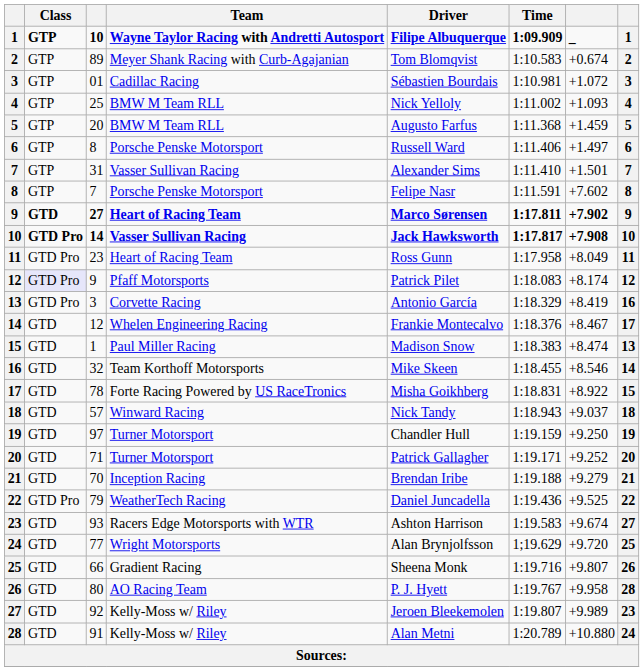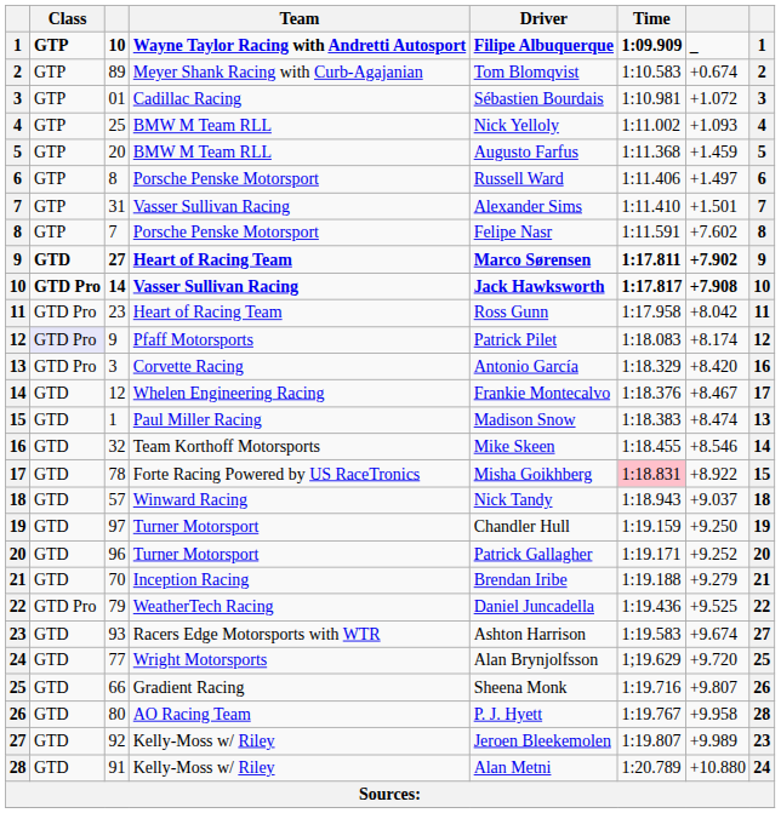 <table class="wikitable">
 <tr>
 <th scope="col"></th>
 <th scope="col">Class</th>
 <th scope="col"></th>
 <th scope="col">Team</th>
 <th scope="col">Driver</th>
 <th scope="col">Time</th>
 <th scope="col"></th>
 <th scope="col"></th>
 </tr>
 <tr>
 <th scope="row">1</th>
 <td><strong>GTP</strong></td>
 <td><strong>10</strong></td>
 <td><strong> <a href='#'>Wayne Taylor Racing</a> with <a href='#'>Andretti Autosport</a></strong></td>
 <td><strong> <a href='#'>Filipe Albuquerque</a></strong></td>
 <td><strong>1:09.909</strong></td>
 <td><strong>_</strong></td>
 <th><strong>1</strong></th>
 </tr>
 <tr>
 <th scope="row">2</th>
 <td>GTP</td>
 <td>89</td>
 <td> <a href='#'>Meyer Shank Racing</a> with <a href='#'>Curb-Agajanian</a></td>
 <td> <a href='#'>Tom Blomqvist</a></td>
 <td>1:10.583</td>
 <td>+0.674</td>
 <th>2</th>
 </tr>
 <tr>
 <th scope="row">3</th>
 <td>GTP</td>
 <td>01</td>
 <td> <a href='#'>Cadillac Racing</a></td>
 <td> <a href='#'>Sébastien Bourdais</a></td>
 <td>1:10.981</td>
 <td>+1.072</td>
 <th>3</th>
 </tr>
 <tr>
 <th scope="row">4</th>
 <td>GTP</td>
 <td>25</td>
 <td> <a href='#'>BMW M Team RLL</a></td>
 <td> <a href='#'>Nick Yelloly</a></td>
 <td>1:11.002</td>
 <td>+1.093</td>
 <th>4</th>
 </tr>
 <tr>
 <th scope="row">5</th>
 <td>GTP</td>
 <td>20</td>
 <td> <a href='#'>BMW M Team RLL</a></td>
 <td> <a href='#'>Augusto Farfus</a></td>
 <td>1:11.368</td>
 <td>+1.459</td>
 <th>5</th>
 </tr>
 <tr>
 <th scope="row">6</th>
 <td>GTP</td>
 <td>8</td>
 <td> <a href='#'>Porsche Penske Motorsport</a></td>
 <td> <a href='#'>Russell Ward</a></td>
 <td>1:11.406</td>
 <td>+1.497</td>
 <th>6</th>
 </tr>
 <tr>
 <th scope="row">7</th>
 <td>GTP</td>
 <td>31</td>
 <td> <a href='#'>Vasser Sullivan Racing</a></td>
 <td> <a href='#'>Alexander Sims</a></td>
 <td>1:11.410</td>
 <td>+1.501</td>
 <th><strong>7</strong></th>
 </tr>
 <tr>
 <th scope="row">8</th>
 <td>GTP</td>
 <td>7</td>
 <td> <a href='#'>Porsche Penske Motorsport</a></td>
 <td> <a href='#'>Felipe Nasr</a></td>
 <td>1:11.591</td>
 <td>+7.602</td>
 <th>8</th>
 </tr>
 <tr>
 <th scope="row">9</th>
 <td><strong>GTD</strong></td>
 <td><strong>27</strong></td>
 <td><strong> <a href='#'>Heart of Racing Team</a></strong></td>
 <td><strong> <a href='#'>Marco Sørensen</a></strong></td>
 <td><strong>1:17.811</strong></td>
 <td><strong>+7.902</strong></td>
 <th>9</th>
 </tr>
 <tr>
 <th scope="row">10</th>
 <td><strong>GTD Pro</strong></td>
 <td><strong>14</strong></td>
 <td> <strong><a href='#'>Vasser Sullivan Racing</a></strong></td>
 <td><strong> <a href='#'>Jack Hawksworth</a></strong></td>
 <td><strong>1:17.817</strong></td>
 <td><strong>+7.908</strong></td>
 <th><strong>10</strong></th>
 </tr>
 <tr>
 <th scope="row">11</th>
 <td>GTD Pro</td>
 <td>23</td>
 <td> <a href='#'>Heart of Racing Team</a></td>
 <td> <a href='#'>Ross Gunn</a></td>
 <td>1:17.958</td>
-<td>+8.049</td>
+<td>+8.042</td>
 <th>11</th>
 </tr>
 <tr>
 <th scope="row">12</th>
 <td style="background: lavender;">GTD Pro</td>
 <td>9</td>
 <td> <a href='#'>Pfaff Motorsports</a></td>
 <td> <a href='#'>Patrick Pilet</a></td>
 <td>1:18.083</td>
 <td>+8.174</td>
 <th>12</th>
 </tr>
 <tr>
 <th scope="row">13</th>
 <td>GTD Pro</td>
 <td>3</td>
 <td> <a href='#'>Corvette Racing</a></td>
 <td> <a href='#'>Antonio García</a></td>
 <td>1:18.329</td>
-<td>+8.419</td>
+<td>+8.420</td>
 <th><strong>16</strong></th>
 </tr>
 <tr>
 <th scope="row">14</th>
 <td>GTD</td>
 <td>12</td>
 <td> <a href='#'>Whelen Engineering Racing</a></td>
 <td> <a href='#'>Frankie Montecalvo</a></td>
 <td>1:18.376</td>
 <td>+8.467</td>
 <th>17</th>
 </tr>
 <tr>
 <th scope="row">15</th>
 <td>GTD</td>
 <td>1</td>
 <td> <a href='#'>Paul Miller Racing</a></td>
 <td> <a href='#'>Madison Snow</a></td>
 <td>1:18.383</td>
 <td>+8.474</td>
 <th>13</th>
 </tr>
 <tr>
 <th scope="row">16</th>
 <td>GTD</td>
 <td>32</td>
 <td> Team Korthoff Motorsports</td>
 <td> <a href='#'>Mike Skeen</a></td>
 <td>1:18.455</td>
 <td>+8.546</td>
 <th>14</th>
 </tr>
 <tr>
 <th scope="row">17</th>
 <td>GTD</td>
 <td>78</td>
 <td> Forte Racing Powered by <a href='#'>US RaceTronics</a></td>
 <td> <a href='#'>Misha Goikhberg</a></td>
-<td>1:18.831</td>
+<td style="background: pink;">1:18.831</td>
 <td>+8.922</td>
 <th>15</th>
 </tr>
 <tr>
 <th scope="row">18</th>
 <td>GTD</td>
 <td>57</td>
 <td> <a href='#'>Winward Racing</a></td>
 <td> <a href='#'>Nick Tandy</a></td>
 <td>1:18.943</td>
 <td>+9.037</td>
 <th>18</th>
 </tr>
 <tr>
 <th scope="row">19</th>
 <td>GTD</td>
 <td>97</td>
 <td> <a href='#'>Turner Motorsport</a></td>
 <td> Chandler Hull</td>
 <td>1:19.159</td>
 <td>+9.250</td>
 <th><strong>19</strong></th>
 </tr>
 <tr>
 <th scope="row">20</th>
 <td>GTD</td>
-<td>71</td>
+<td>96</td>
 <td> <a href='#'>Turner Motorsport</a></td>
 <td> <a href='#'>Patrick Gallagher</a></td>
 <td>1:19.171</td>
 <td>+9.252</td>
 <th>20</th>
 </tr>
 <tr>
 <th scope="row">21</th>
 <td>GTD</td>
 <td>70</td>
 <td> <a href='#'>Inception Racing</a></td>
 <td> <a href='#'>Brendan Iribe</a></td>
 <td>1:19.188</td>
 <td>+9.279</td>
 <th>21</th>
 </tr>
 <tr>
 <th scope="row">22</th>
 <td>GTD Pro</td>
 <td>79</td>
 <td> <a href='#'>WeatherTech Racing</a></td>
 <td> <a href='#'>Daniel Juncadella</a></td>
 <td>1:19.436</td>
 <td>+9.525</td>
 <th>22</th>
 </tr>
 <tr>
 <th scope="row">23</th>
 <td>GTD</td>
 <td>93</td>
 <td> Racers Edge Motorsports with <a href='#'>WTR</a></td>
 <td> Ashton Harrison</td>
 <td>1:19.583</td>
 <td>+9.674</td>
 <th>27</th>
 </tr>
 <tr>
 <th scope="row">24</th>
 <td>GTD</td>
 <td>77</td>
 <td> <a href='#'>Wright Motorsports</a></td>
 <td> Alan Brynjolfsson</td>
 <td>1;19.629</td>
 <td>+9.720</td>
 <th>25</th>
 </tr>
 <tr>
 <th scope="row">25</th>
 <td>GTD</td>
 <td>66</td>
 <td> Gradient Racing</td>
 <td> Sheena Monk</td>
 <td>1:19.716</td>
 <td>+9.807</td>
 <th>26</th>
 </tr>
 <tr>
 <th scope="row">26</th>
 <td>GTD</td>
 <td>80</td>
 <td> <a href='#'>AO Racing Team</a></td>
 <td>  <a href='#'>P. J. Hyett</a></td>
 <td>1:19.767</td>
 <td>+9.958</td>
 <th>28</th>
 </tr>
 <tr>
 <th scope="row">27</th>
 <td>GTD</td>
 <td>92</td>
 <td> Kelly-Moss w/ <a href='#'>Riley</a></td>
 <td> <a href='#'>Jeroen Bleekemolen</a></td>
 <td>1:19.807</td>
 <td>+9.989</td>
 <th>23</th>
 </tr>
 <tr>
 <th scope="row">28</th>
 <td>GTD</td>
 <td>91</td>
 <td> Kelly-Moss w/ <a href='#'>Riley</a></td>
 <td> <a href='#'>Alan Metni</a></td>
 <td>1:20.789</td>
 <td>+10.880</td>
 <th>24</th>
 </tr>
 <tr>
 <th colspan="8">Sources:</th>
 </tr>
 <tr>
 </tr>
 </table>
